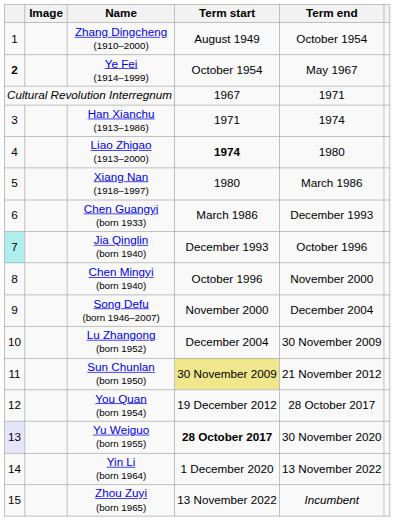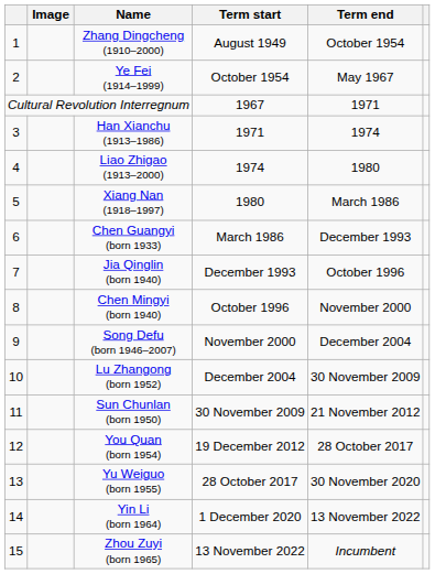 <table class="wikitable" style="text-align:center">
 <tr>
 <th></th>
 <th>Image</th>
 <th>Name</th>
 <th>Term start</th>
 <th>Term end</th>
 <th></th>
 </tr>
 <tr>
 <td>1</td>
 <td></td>
 <td><a href='#'>Zhang Dingcheng</a><br><small>(1910–2000)</small></td>
 <td>August 1949</td>
 <td>October 1954</td>
 <td></td>
 </tr>
 <tr>
-<td><strong>2</strong></td>
+<td>2</td>
 <td></td>
 <td><a href='#'>Ye Fei</a><br><small>(1914–1999)</small></td>
 <td>October 1954</td>
 <td>May 1967</td>
 <td></td>
 </tr>
 <tr>
 <td colspan="3"><em>Cultural Revolution Interregnum</em></td>
 <td>1967</td>
 <td>1971</td>
 <td></td>
 </tr>
 <tr>
 <td>3</td>
 <td></td>
 <td><a href='#'>Han Xianchu</a><br><small>(1913–1986)</small></td>
 <td>1971</td>
 <td>1974</td>
 <td></td>
 </tr>
 <tr>
 <td>4</td>
 <td></td>
 <td><a href='#'>Liao Zhigao</a><br><small>(1913–2000)</small></td>
-<td><strong>1974</strong></td>
+<td>1974</td>
 <td>1980</td>
 <td></td>
 </tr>
 <tr>
 <td>5</td>
 <td></td>
 <td><a href='#'>Xiang Nan</a><br><small>(1918–1997)</small></td>
 <td>1980</td>
 <td>March 1986</td>
 <td></td>
 </tr>
 <tr>
 <td>6</td>
 <td></td>
 <td><a href='#'>Chen Guangyi</a><br><small>(born 1933)</small></td>
 <td>March 1986</td>
 <td>December 1993</td>
 <td></td>
 </tr>
 <tr>
-<td style="background: paleturquoise;">7</td>
+<td>7</td>
 <td></td>
 <td><a href='#'>Jia Qinglin</a><br><small>(born 1940)</small></td>
 <td>December 1993</td>
 <td>October 1996</td>
 <td></td>
 </tr>
 <tr>
 <td>8</td>
 <td></td>
 <td><a href='#'>Chen Mingyi</a><br><small>(born 1940)</small></td>
 <td>October 1996</td>
 <td>November 2000</td>
 <td></td>
 </tr>
 <tr>
 <td>9</td>
 <td></td>
 <td><a href='#'>Song Defu</a><br><small>(born 1946–2007)</small></td>
 <td>November 2000</td>
 <td>December 2004</td>
 <td></td>
 </tr>
 <tr>
 <td>10</td>
 <td></td>
 <td><a href='#'>Lu Zhangong</a><br><small>(born 1952)</small></td>
 <td>December 2004</td>
 <td>30 November 2009</td>
 <td></td>
 </tr>
 <tr>
 <td>11</td>
 <td></td>
 <td><a href='#'>Sun Chunlan</a><br><small>(born 1950)</small></td>
-<td style="background: khaki;">30 November 2009</td>
+<td>30 November 2009</td>
 <td>21 November 2012</td>
 <td></td>
 </tr>
 <tr>
 <td>12</td>
 <td></td>
 <td><a href='#'>You Quan</a><br><small>(born 1954)</small></td>
 <td>19 December 2012</td>
 <td>28 October 2017</td>
 <td></td>
 </tr>
 <tr>
-<td style="background: lavender;">13</td>
+<td>13</td>
 <td></td>
 <td><a href='#'>Yu Weiguo</a><br><small>(born 1955)</small></td>
-<td><strong>28 October 2017</strong></td>
+<td>28 October 2017</td>
 <td>30 November 2020</td>
 <td></td>
 </tr>
 <tr>
 <td>14</td>
 <td></td>
 <td><a href='#'>Yin Li</a><br><small>(born 1964)</small></td>
 <td>1 December 2020</td>
 <td>13 November 2022</td>
 <td></td>
 </tr>
 <tr>
 <td>15</td>
 <td></td>
 <td><a href='#'>Zhou Zuyi</a><br><small>(born 1965)</small></td>
 <td>13 November 2022</td>
 <td><em>Incumbent</em></td>
 <td></td>
 </tr>
 </table>
